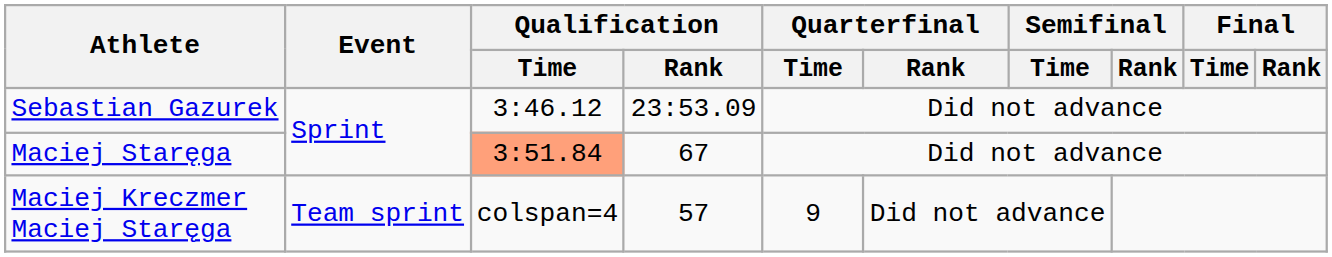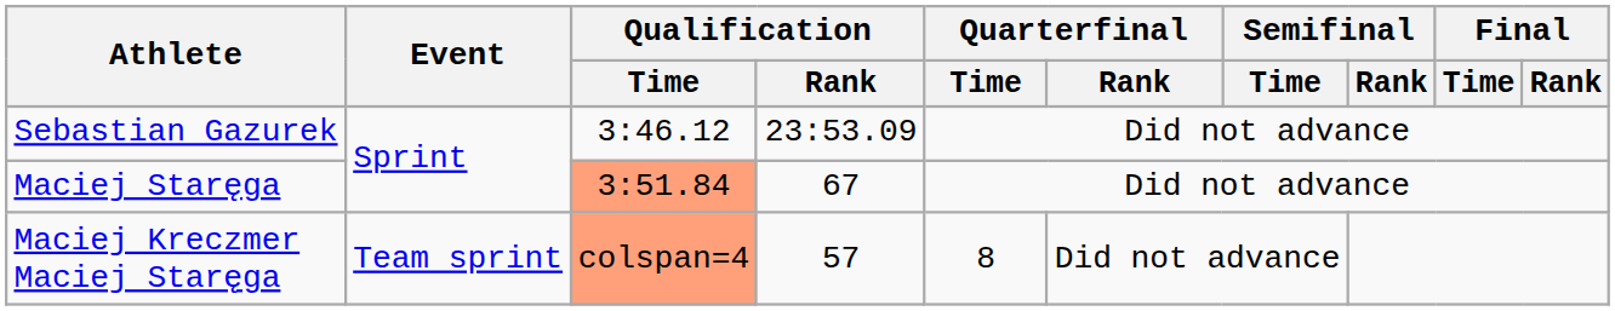 <table class="wikitable" style="font-size:90%">
 <tr>
 <th rowspan="2">Athlete</th>
 <th rowspan="2">Event</th>
 <th colspan="2">Qualification</th>
 <th colspan="2">Quarterfinal</th>
 <th colspan="2">Semifinal</th>
 <th colspan="2">Final</th>
 </tr>
 <tr style="font-size:95%">
 <th>Time</th>
 <th>Rank</th>
 <th>Time</th>
 <th>Rank</th>
 <th>Time</th>
 <th>Rank</th>
 <th>Time</th>
 <th>Rank</th>
 </tr>
 <tr align=center>
 <td align=left><a href='#'>Sebastian Gazurek</a></td>
 <td align=left rowspan=2><a href='#'>Sprint</a></td>
 <td>3:46.12</td>
 <td>23:53.09</td>
 <td colspan=6>Did not advance</td>
 </tr>
 <tr align=center>
 <td align=left><a href='#'>Maciej Staręga</a></td>
 <td style="background: lightsalmon;">3:51.84</td>
 <td>67</td>
 <td colspan=6>Did not advance</td>
 </tr>
 <tr align=center>
 <td align=left><a href='#'>Maciej Kreczmer</a><br><a href='#'>Maciej Staręga</a></td>
 <td align=left><a href='#'>Team sprint</a></td>
-<td>colspan=4 </td>
+<td style="background: lightsalmon;">colspan=4 </td>
 <td>57</td>
-<td>9</td>
+<td>8</td>
 <td colspan=2>Did not advance</td>
 </tr>
 </table>
